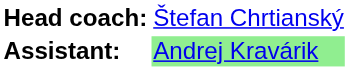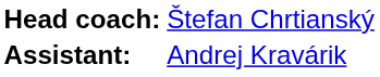 <table>
 <tr>
 <td><strong>Head coach:</strong></td>
 <td><a href='#'>Štefan Chrtianský</a></td>
 </tr>
 <tr>
 <td><strong>Assistant:</strong></td>
-<td style="background: lightgreen;"><a href='#'>Andrej Kravárik</a></td>
+<td><a href='#'>Andrej Kravárik</a></td>
 </tr>
 </table>
